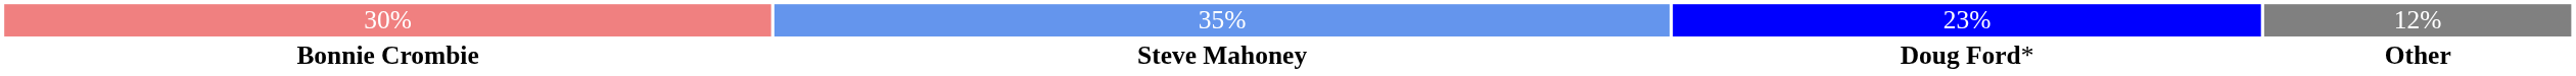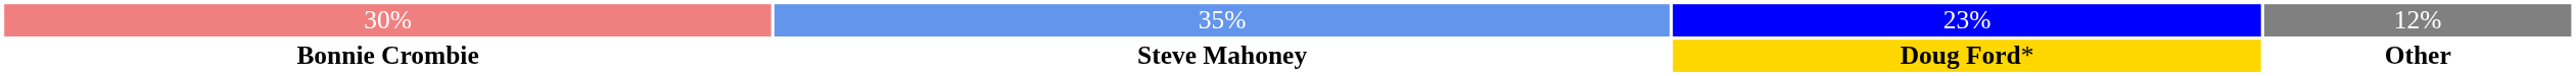 <table style="width:100%; text-align:center;">
 <tr style="color:white;">
 <td style="background:lightcoral; width:30%;">30%</td>
 <td style="background:cornflowerblue; width:35%;">35%</td>
 <td style="background:blue; width:23%;">23%</td>
 <td style="background:gray; width:12%;">12%</td>
 </tr>
 <tr>
 <td><span><strong>Bonnie Crombie</strong></span></td>
 <td><span><strong>Steve Mahoney</strong></span></td>
-<td><span><strong>Doug Ford</strong>*</span></td>
+<td style="background: gold;"><span><strong>Doug Ford</strong>*</span></td>
 <td><span><strong>Other</strong></span></td>
 </tr>
 </table>
